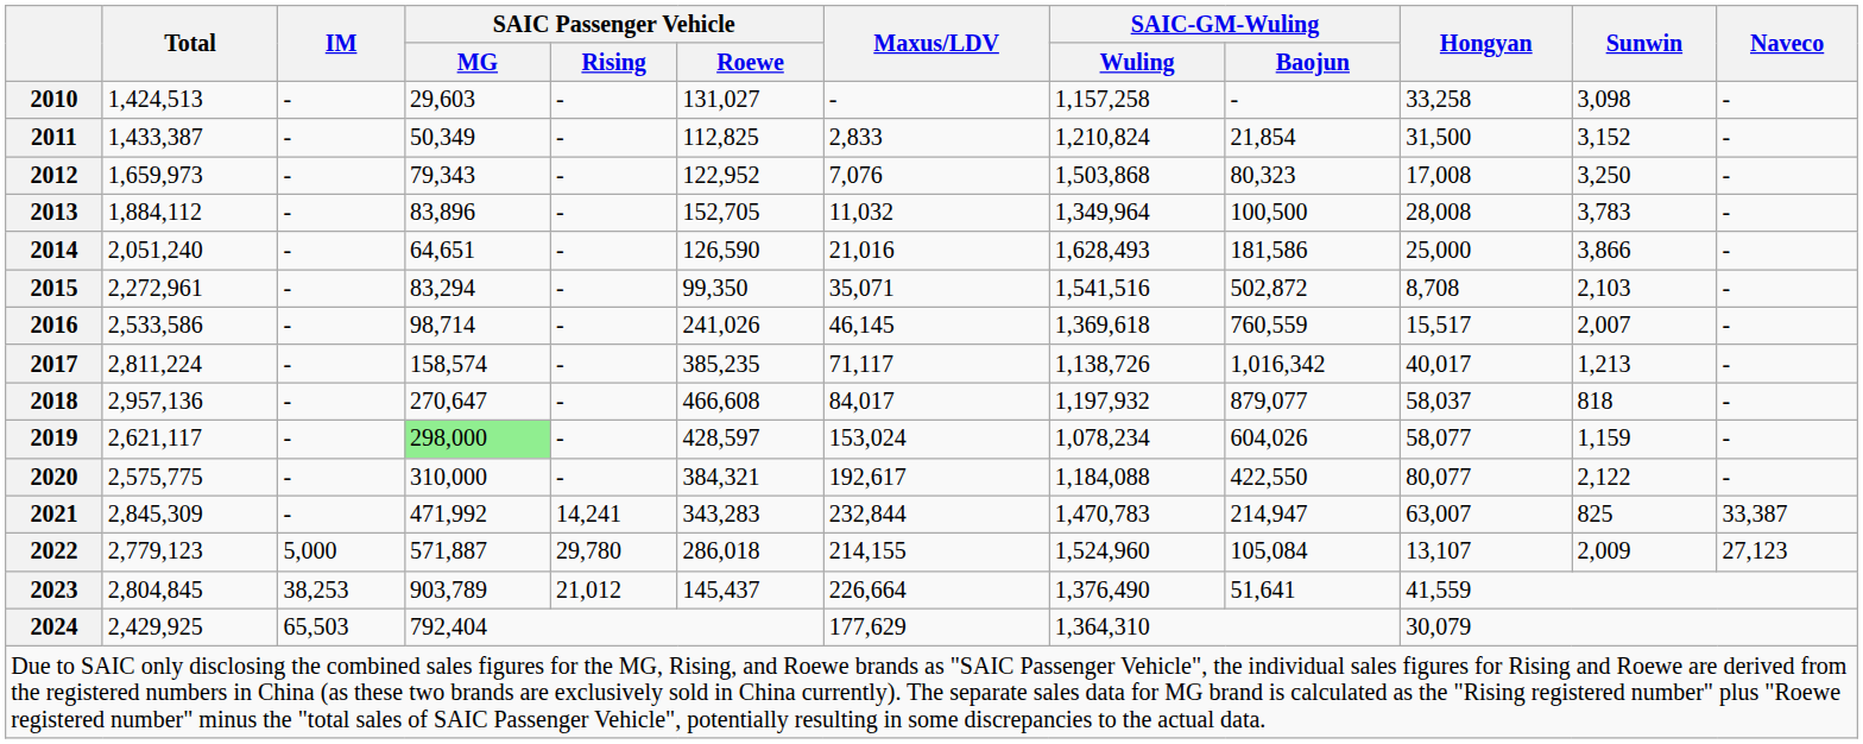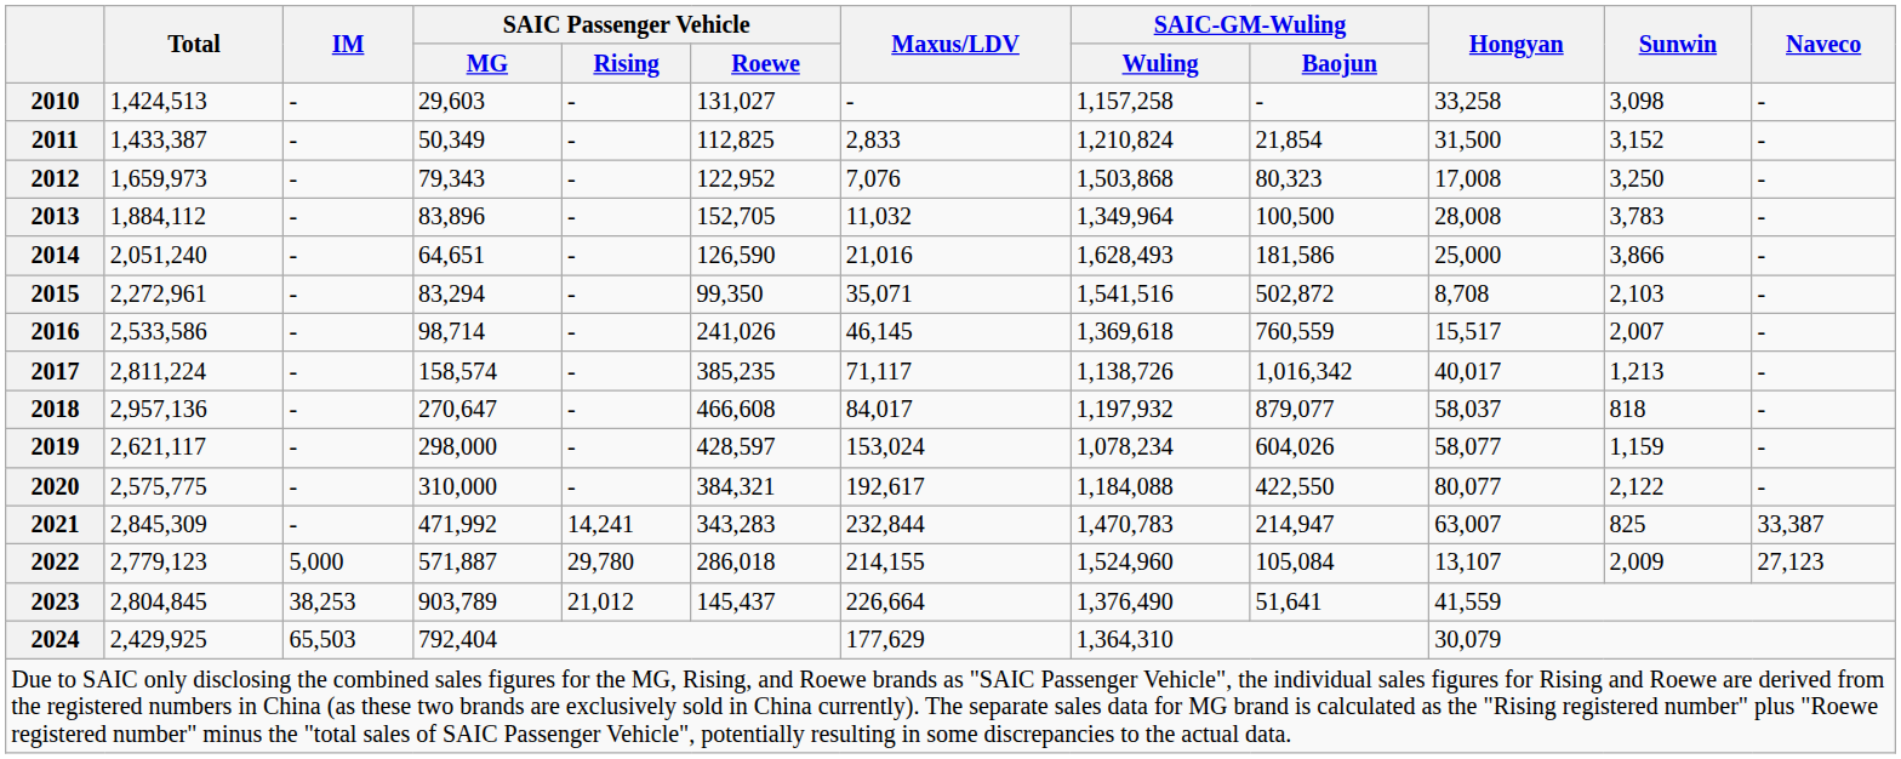 <table class="wikitable">
 <tr>
 <th rowspan="2"></th>
 <th rowspan="2"><strong>Total</strong></th>
 <th rowspan="2"><a href='#'>IM</a></th>
 <th colspan="3">SAIC Passenger Vehicle</th>
 <th rowspan="2"><a href='#'>Maxus/LDV</a></th>
 <th colspan="2"><a href='#'>SAIC-GM-Wuling</a></th>
 <th rowspan="2"><a href='#'>Hongyan</a></th>
 <th rowspan="2"><a href='#'>Sunwin</a></th>
 <th rowspan="2"><a href='#'>Naveco</a></th>
 </tr>
 <tr>
 <th><a href='#'>MG</a></th>
 <th><a href='#'>Rising</a></th>
 <th><a href='#'>Roewe</a></th>
 <th><a href='#'>Wuling</a></th>
 <th><a href='#'>Baojun</a></th>
 </tr>
 <tr>
 <th>2010</th>
 <td>1,424,513</td>
 <td>-</td>
 <td>29,603</td>
 <td>-</td>
 <td>131,027</td>
 <td>-</td>
 <td>1,157,258</td>
 <td>-</td>
 <td>33,258</td>
 <td>3,098</td>
 <td>-</td>
 </tr>
 <tr>
 <th>2011</th>
 <td>1,433,387</td>
 <td>-</td>
 <td>50,349</td>
 <td>-</td>
 <td>112,825</td>
 <td>2,833</td>
 <td>1,210,824</td>
 <td>21,854</td>
 <td>31,500</td>
 <td>3,152</td>
 <td>-</td>
 </tr>
 <tr>
 <th>2012</th>
 <td>1,659,973</td>
 <td>-</td>
 <td>79,343</td>
 <td>-</td>
 <td>122,952</td>
 <td>7,076</td>
 <td>1,503,868</td>
 <td>80,323</td>
 <td>17,008</td>
 <td>3,250</td>
 <td>-</td>
 </tr>
 <tr>
 <th>2013</th>
 <td>1,884,112</td>
 <td>-</td>
 <td>83,896</td>
 <td>-</td>
 <td>152,705</td>
 <td>11,032</td>
 <td>1,349,964</td>
 <td>100,500</td>
 <td>28,008</td>
 <td>3,783</td>
 <td>-</td>
 </tr>
 <tr>
 <th>2014</th>
 <td>2,051,240</td>
 <td>-</td>
 <td>64,651</td>
 <td>-</td>
 <td>126,590</td>
 <td>21,016</td>
 <td>1,628,493</td>
 <td>181,586</td>
 <td>25,000</td>
 <td>3,866</td>
 <td>-</td>
 </tr>
 <tr>
 <th>2015</th>
 <td>2,272,961</td>
 <td>-</td>
 <td>83,294</td>
 <td>-</td>
 <td>99,350</td>
 <td>35,071</td>
 <td>1,541,516</td>
 <td>502,872</td>
 <td>8,708</td>
 <td>2,103</td>
 <td>-</td>
 </tr>
 <tr>
 <th>2016</th>
 <td>2,533,586</td>
 <td>-</td>
 <td>98,714</td>
 <td>-</td>
 <td>241,026</td>
 <td>46,145</td>
 <td>1,369,618</td>
 <td>760,559</td>
 <td>15,517</td>
 <td>2,007</td>
 <td>-</td>
 </tr>
 <tr>
 <th>2017</th>
 <td>2,811,224</td>
 <td>-</td>
 <td>158,574</td>
 <td>-</td>
 <td>385,235</td>
 <td>71,117</td>
 <td>1,138,726</td>
 <td>1,016,342</td>
 <td>40,017</td>
 <td>1,213</td>
 <td>-</td>
 </tr>
 <tr>
 <th>2018</th>
 <td>2,957,136</td>
 <td>-</td>
 <td>270,647</td>
 <td>-</td>
 <td>466,608</td>
 <td>84,017</td>
 <td>1,197,932</td>
 <td>879,077</td>
 <td>58,037</td>
 <td>818</td>
 <td>-</td>
 </tr>
 <tr>
 <th>2019</th>
 <td>2,621,117</td>
 <td>-</td>
-<td style="background: lightgreen;">298,000</td>
+<td>298,000</td>
 <td>-</td>
 <td>428,597</td>
 <td>153,024</td>
 <td>1,078,234</td>
 <td>604,026</td>
 <td>58,077</td>
 <td>1,159</td>
 <td>-</td>
 </tr>
 <tr>
 <th>2020</th>
 <td>2,575,775</td>
 <td>-</td>
 <td>310,000</td>
 <td>-</td>
 <td>384,321</td>
 <td>192,617</td>
 <td>1,184,088</td>
 <td>422,550</td>
 <td>80,077</td>
 <td>2,122</td>
 <td>-</td>
 </tr>
 <tr>
 <th>2021</th>
 <td>2,845,309</td>
 <td>-</td>
 <td>471,992</td>
 <td>14,241</td>
 <td>343,283</td>
 <td>232,844</td>
 <td>1,470,783</td>
 <td>214,947</td>
 <td>63,007</td>
 <td>825</td>
 <td>33,387</td>
 </tr>
 <tr>
 <th>2022</th>
 <td>2,779,123</td>
 <td>5,000</td>
 <td>571,887</td>
 <td>29,780</td>
 <td>286,018</td>
 <td>214,155</td>
 <td>1,524,960</td>
 <td>105,084</td>
 <td>13,107</td>
 <td>2,009</td>
 <td>27,123</td>
 </tr>
 <tr>
 <th>2023</th>
 <td>2,804,845</td>
 <td>38,253</td>
 <td>903,789</td>
 <td>21,012</td>
 <td>145,437</td>
 <td>226,664</td>
 <td>1,376,490</td>
 <td>51,641</td>
 <td colspan="3">41,559</td>
 </tr>
 <tr>
 <th>2024</th>
 <td>2,429,925</td>
 <td>65,503</td>
 <td colspan="3">792,404</td>
 <td>177,629</td>
 <td colspan="2">1,364,310</td>
 <td colspan="3">30,079</td>
 </tr>
 <tr>
 <td colspan="12">Due to SAIC only disclosing the combined sales figures for the MG, Rising, and Roewe brands as "SAIC Passenger Vehicle", the individual sales figures for Rising and Roewe are derived from the registered numbers in China (as these two brands are exclusively sold in China currently). The separate sales data for MG brand is calculated as the "Rising registered number" plus "Roewe registered number" minus the "total sales of SAIC Passenger Vehicle", potentially resulting in some discrepancies to the actual data.</td>
 </tr>
 </table>
